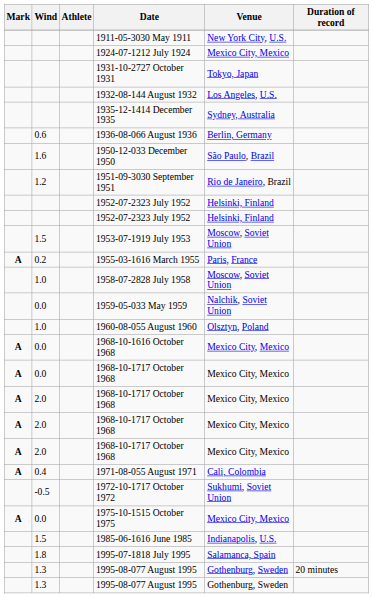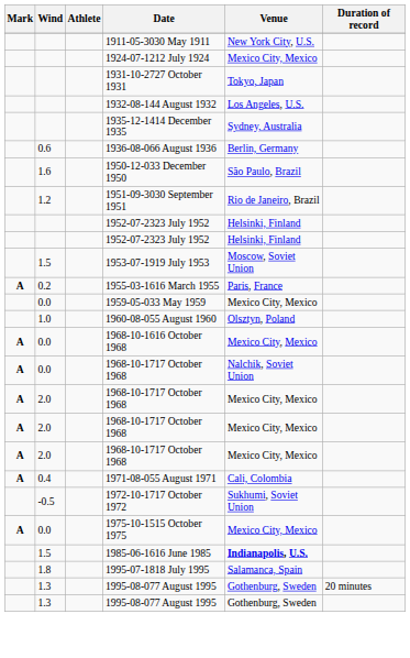 <table class="wikitable sortable">
 <tr>
 <th>Mark</th>
 <th>Wind</th>
 <th>Athlete</th>
 <th>Date</th>
 <th>Venue</th>
 <th data-sort-type="number">Duration of record</th>
 </tr>
 <tr valign="top">
 </tr>
 <tr>
 <td align=center><strong></strong></td>
 <td></td>
 <td></td>
 <td><span>1911-05-30</span>30 May 1911</td>
 <td><a href='#'>New York City</a>, <a href='#'>U.S.</a></td>
 <td></td>
 </tr>
 <tr>
 <td align=center><strong></strong></td>
 <td></td>
 <td></td>
 <td><span>1924-07-12</span>12 July 1924</td>
 <td><a href='#'>Mexico City, Mexico</a></td>
 <td></td>
 </tr>
 <tr>
 <td align=center><strong></strong></td>
 <td></td>
 <td></td>
 <td><span>1931-10-27</span>27 October 1931</td>
 <td><a href='#'>Tokyo, Japan</a></td>
 <td></td>
 </tr>
 <tr>
 <td align=center><strong></strong></td>
 <td></td>
 <td></td>
 <td><span>1932-08-14</span>4 August 1932</td>
 <td><a href='#'>Los Angeles</a>, <a href='#'>U.S.</a></td>
 <td></td>
 </tr>
 <tr>
 <td align=center><strong></strong></td>
 <td></td>
 <td></td>
 <td><span>1935-12-14</span>14 December 1935</td>
 <td><a href='#'>Sydney, Australia</a></td>
 <td></td>
 </tr>
 <tr>
 <td align=center><strong></strong></td>
 <td>0.6</td>
 <td></td>
 <td><span>1936-08-06</span>6 August 1936</td>
 <td><a href='#'>Berlin, Germany</a></td>
 <td></td>
 </tr>
 <tr>
 <td align=center><strong></strong></td>
 <td>1.6</td>
 <td></td>
 <td><span>1950-12-03</span>3 December 1950</td>
 <td><a href='#'>São Paulo</a>, <a href='#'>Brazil</a></td>
 <td></td>
 </tr>
 <tr>
 <td align=center><strong></strong></td>
 <td>1.2</td>
 <td></td>
 <td><span>1951-09-30</span>30 September 1951</td>
 <td><a href='#'>Rio de Janeiro</a>, Brazil</td>
 <td></td>
 </tr>
 <tr>
 <td align=center><strong></strong></td>
 <td></td>
 <td></td>
 <td><span>1952-07-23</span>23 July 1952</td>
 <td><a href='#'>Helsinki, Finland</a></td>
 <td></td>
 </tr>
 <tr>
 <td align=center><strong></strong></td>
 <td></td>
 <td></td>
 <td><span>1952-07-23</span>23 July 1952</td>
 <td><a href='#'>Helsinki, Finland</a></td>
 <td></td>
 </tr>
 <tr>
 <td align=center><strong></strong></td>
 <td>1.5</td>
 <td></td>
 <td><span>1953-07-19</span>19 July 1953</td>
 <td><a href='#'>Moscow</a>, <a href='#'>Soviet Union</a></td>
 <td></td>
 </tr>
 <tr>
 <td align=center><strong> A</strong></td>
 <td>0.2</td>
 <td></td>
 <td><span>1955-03-16</span>16 March 1955</td>
 <td><a href='#'>Paris</a>, <a href='#'>France</a></td>
 <td></td>
 </tr>
 <tr>
 <td align=center><strong></strong></td>
-<td>1.0</td>
-<td></td>
-<td><span>1958-07-28</span>28 July 1958</td>
-<td><a href='#'>Moscow</a>, <a href='#'>Soviet Union</a></td>
-<td></td>
-</tr>
-<tr>
-<td align=center><strong></strong></td>
 <td>0.0</td>
 <td></td>
 <td><span>1959-05-03</span>3 May 1959</td>
-<td><a href='#'>Nalchik</a>, <a href='#'>Soviet Union</a></td>
+<td>Mexico City, Mexico</td>
 <td></td>
 </tr>
 <tr>
 <td align=center><strong></strong></td>
 <td>1.0</td>
 <td></td>
 <td><span>1960-08-05</span>5 August 1960</td>
 <td><a href='#'>Olsztyn</a>, <a href='#'>Poland</a></td>
 <td></td>
 </tr>
 <tr>
 <td align=center><strong> A</strong></td>
 <td>0.0</td>
 <td></td>
 <td><span>1968-10-16</span>16 October 1968</td>
 <td><a href='#'>Mexico City</a>, <a href='#'>Mexico</a></td>
 <td></td>
 </tr>
 <tr>
 <td align=center><strong> A</strong></td>
 <td>0.0</td>
 <td></td>
 <td><span>1968-10-17</span>17 October 1968</td>
-<td>Mexico City, Mexico</td>
+<td><a href='#'>Nalchik</a>, <a href='#'>Soviet Union</a></td>
 <td></td>
 </tr>
 <tr>
 <td align=center><strong> A</strong></td>
 <td>2.0</td>
 <td></td>
 <td><span>1968-10-17</span>17 October 1968</td>
 <td>Mexico City, Mexico</td>
 <td></td>
 </tr>
 <tr>
 <td align=center><strong> A</strong></td>
 <td>2.0</td>
 <td align=left></td>
 <td><span>1968-10-17</span>17 October 1968</td>
 <td>Mexico City, Mexico</td>
 <td></td>
 </tr>
 <tr>
 <td align=center><strong> A</strong></td>
 <td>2.0</td>
 <td align=left></td>
 <td><span>1968-10-17</span>17 October 1968</td>
 <td>Mexico City, Mexico</td>
 <td></td>
 </tr>
 <tr>
 <td align=center><strong> A</strong></td>
 <td>0.4</td>
 <td align=left></td>
 <td><span>1971-08-05</span>5 August 1971</td>
 <td><a href='#'>Cali, Colombia</a></td>
 <td></td>
 </tr>
 <tr>
 <td align=center><strong></strong></td>
 <td>-0.5</td>
 <td align=left></td>
 <td><span>1972-10-17</span>17 October 1972</td>
 <td><a href='#'>Sukhumi</a>, <a href='#'>Soviet Union</a></td>
 <td></td>
 </tr>
 <tr>
 <td align=center><strong> A</strong></td>
 <td>0.0</td>
 <td align=left></td>
 <td><span>1975-10-15</span>15 October 1975</td>
 <td><a href='#'>Mexico City, Mexico</a></td>
 <td></td>
 </tr>
 <tr>
 <td align=center><strong></strong></td>
 <td>1.5</td>
 <td align=left></td>
 <td><span>1985-06-16</span>16 June 1985</td>
-<td><a href='#'>Indianapolis</a>, <a href='#'>U.S.</a></td>
+<td><strong><a href='#'>Indianapolis</a>, <a href='#'>U.S.</a></strong></td>
 <td></td>
 </tr>
 <tr>
 <td align=center><strong></strong></td>
 <td>1.8</td>
 <td align=left></td>
 <td><span>1995-07-18</span>18 July 1995</td>
 <td><a href='#'>Salamanca, Spain</a></td>
 <td></td>
 </tr>
 <tr>
 <td align=center><strong></strong></td>
 <td>1.3</td>
 <td align=left></td>
 <td><span>1995-08-07</span>7 August 1995</td>
 <td><a href='#'>Gothenburg</a>, <a href='#'>Sweden</a></td>
 <td data-sort-value="0">20 minutes</td>
 </tr>
 <tr>
 <td align=center><strong></strong></td>
 <td>1.3</td>
 <td align=left></td>
 <td><span>1995-08-07</span>7 August 1995</td>
 <td>Gothenburg, Sweden</td>
 <td></td>
 </tr>
 </table>
